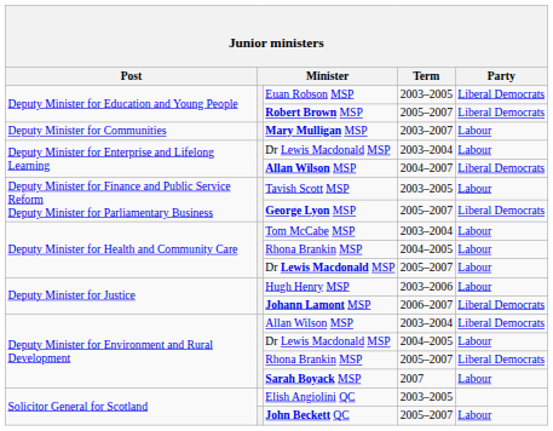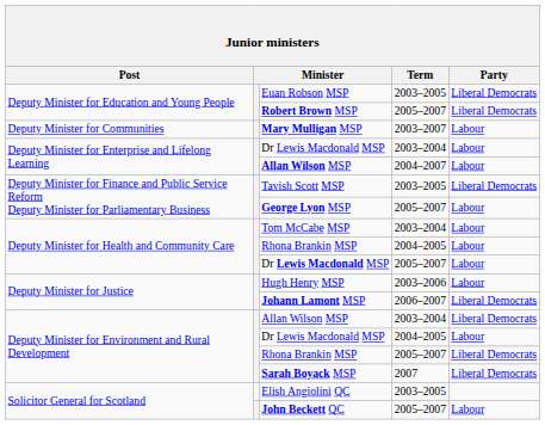 <table class="wikitable">
 <tr>
 <th colspan=5><br><h3>Junior ministers</h3></th>
 </tr>
 <tr>
 <th style="width: 340px">Post</th>
 <th colspan="2">Minister</th>
 <th>Term</th>
 <th>Party</th>
 </tr>
 <tr>
 <td rowspan="2"><a href='#'>Deputy Minister for Education and Young People</a></td>
 <th rowspan="2" style="background-color: "></th>
 <td><a href='#'>Euan Robson</a> <a href='#'>MSP</a></td>
 <td>2003–2005</td>
 <td><a href='#'>Liberal Democrats</a></td>
 </tr>
 <tr>
 <td><strong><a href='#'>Robert Brown</a></strong> <a href='#'>MSP</a></td>
 <td>2005–2007</td>
 <td><a href='#'>Liberal Democrats</a></td>
 </tr>
 <tr>
 <td><a href='#'>Deputy Minister for Communities</a></td>
 <th style="background-color: "></th>
 <td><strong><a href='#'>Mary Mulligan</a></strong> <a href='#'>MSP</a></td>
 <td>2003–2007</td>
 <td><a href='#'>Labour</a></td>
 </tr>
 <tr>
 <td rowspan="2"><a href='#'>Deputy Minister for Enterprise and Lifelong Learning</a></td>
 <th rowspan="2" style="background-color: "></th>
 <td>Dr <a href='#'>Lewis Macdonald</a> <a href='#'>MSP</a></td>
 <td>2003–2004</td>
 <td><a href='#'>Labour</a></td>
 </tr>
 <tr>
 <td><strong><a href='#'>Allan Wilson</a></strong> <a href='#'>MSP</a></td>
 <td>2004–2007</td>
-<td><a href='#'>Liberal Democrats</a></td>
+<td><a href='#'>Labour</a></td>
 </tr>
 <tr>
 <td rowspan="2"><a href='#'>Deputy Minister for Finance and Public Service Reform</a><br><a href='#'>Deputy Minister for Parliamentary Business</a></td>
 <th rowspan="2" style="background-color: "></th>
 <td><a href='#'>Tavish Scott</a> <a href='#'>MSP</a></td>
 <td>2003–2005</td>
-<td><a href='#'>Labour</a></td>
+<td><a href='#'>Liberal Democrats</a></td>
 </tr>
 <tr>
 <td><strong><a href='#'>George Lyon</a></strong> <a href='#'>MSP</a></td>
 <td>2005–2007</td>
-<td><a href='#'>Liberal Democrats</a></td>
+<td><a href='#'>Labour</a></td>
 </tr>
 <tr>
 <td rowspan="3"><a href='#'>Deputy Minister for Health and Community Care</a></td>
 <th rowspan="3" style="background-color: "></th>
 <td><a href='#'>Tom McCabe</a> <a href='#'>MSP</a></td>
 <td>2003–2004</td>
 <td><a href='#'>Labour</a></td>
 </tr>
 <tr>
 <td><a href='#'>Rhona Brankin</a> <a href='#'>MSP</a></td>
 <td>2004–2005</td>
 <td><a href='#'>Labour</a></td>
 </tr>
 <tr>
 <td>Dr <strong><a href='#'>Lewis Macdonald</a></strong> <a href='#'>MSP</a></td>
 <td>2005–2007</td>
 <td><a href='#'>Labour</a></td>
 </tr>
 <tr>
 <td rowspan="2"><a href='#'>Deputy Minister for Justice</a></td>
 <th rowspan="2" style="background-color: "></th>
 <td><a href='#'>Hugh Henry</a> <a href='#'>MSP</a></td>
 <td>2003–2006</td>
 <td><a href='#'>Labour</a></td>
 </tr>
 <tr>
 <td><strong><a href='#'>Johann Lamont</a></strong> <a href='#'>MSP</a></td>
 <td>2006–2007</td>
 <td><a href='#'>Liberal Democrats</a></td>
 </tr>
 <tr>
 <td rowspan="4"><a href='#'>Deputy Minister for Environment and Rural Development</a></td>
 <th rowspan="4" style="background-color: "></th>
 <td><a href='#'>Allan Wilson</a> <a href='#'>MSP</a></td>
 <td>2003–2004</td>
 <td><a href='#'>Liberal Democrats</a></td>
 </tr>
 <tr>
 <td>Dr <a href='#'>Lewis Macdonald</a> <a href='#'>MSP</a></td>
 <td>2004–2005</td>
 <td><a href='#'>Labour</a></td>
 </tr>
 <tr>
 <td><a href='#'>Rhona Brankin</a> <a href='#'>MSP</a></td>
 <td>2005–2007</td>
 <td><a href='#'>Liberal Democrats</a></td>
 </tr>
 <tr>
 <td><strong><a href='#'>Sarah Boyack</a></strong> <a href='#'>MSP</a></td>
 <td>2007</td>
-<td><a href='#'>Labour</a></td>
+<td><a href='#'>Liberal Democrats</a></td>
 </tr>
 <tr>
 <td rowspan="2"><a href='#'>Solicitor General for Scotland</a></td>
 <td></td>
 <td><a href='#'>Elish Angiolini</a> <a href='#'>QC</a></td>
 <td>2003–2005</td>
 <td></td>
 </tr>
 <tr>
 <th style="background-color: "></th>
 <td><strong><a href='#'>John Beckett</a></strong> <a href='#'>QC</a></td>
 <td>2005–2007</td>
 <td><a href='#'>Labour</a></td>
 </tr>
 </table>
